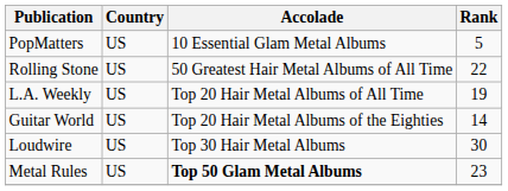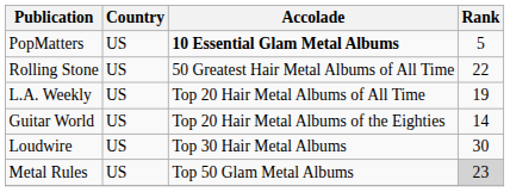 <table class="wikitable">
 <tr>
 <th>Publication</th>
 <th>Country</th>
 <th>Accolade</th>
 <th>Rank</th>
 </tr>
 <tr>
 <td>PopMatters</td>
 <td>US</td>
-<td>10 Essential Glam Metal Albums</td>
+<td><strong>10 Essential Glam Metal Albums</strong></td>
 <td align="center">5</td>
 </tr>
 <tr>
 <td>Rolling Stone</td>
 <td>US</td>
 <td>50 Greatest Hair Metal Albums of All Time</td>
 <td align="center">22</td>
 </tr>
 <tr>
 <td>L.A. Weekly</td>
 <td>US</td>
 <td>Top 20 Hair Metal Albums of All Time</td>
 <td align="center">19</td>
 </tr>
 <tr>
 <td>Guitar World</td>
 <td>US</td>
 <td>Top 20 Hair Metal Albums of the Eighties</td>
 <td align="center">14</td>
 </tr>
 <tr>
 <td>Loudwire</td>
 <td>US</td>
 <td>Top 30 Hair Metal Albums</td>
 <td align="center">30</td>
 </tr>
 <tr>
 <td>Metal Rules</td>
 <td>US</td>
-<td><strong>Top 50 Glam Metal Albums</strong></td>
-<td align="center">23</td>
+<td>Top 50 Glam Metal Albums</td>
+<td align="center" style="background: lightgrey;">23</td>
 </tr>
 <tr>
 </tr>
 </table>
